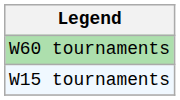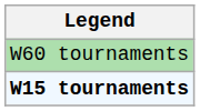 <table class="wikitable" style="font-size:90%">
 <tr>
 <th>Legend</th>
 </tr>
 <tr style="background:#addfad;">
 <td>W60 tournaments</td>
 </tr>
 <tr style="background:#f0f8ff;">
-<td>W15 tournaments</td>
+<td><strong>W15 tournaments</strong></td>
 </tr>
 </table>
